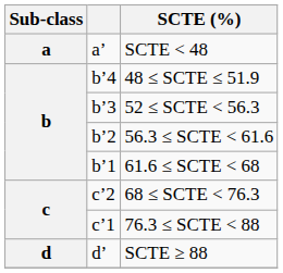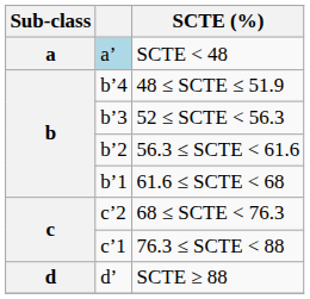 <table class="wikitable floatright">
 <tr>
 <th>Sub-class</th>
 <th></th>
 <th>SCTE (%)</th>
 </tr>
 <tr>
 <th scope="row"  rowspan="1">a</th>
-<td>a’</td>
+<td style="background: lightblue;">a’</td>
 <td>SCTE < 48</td>
 </tr>
 <tr>
 <th scope="row"  rowspan="4">b</th>
 <td>b’4</td>
 <td>48 ≤ SCTE ≤ 51.9</td>
 </tr>
 <tr>
 <td>b’3</td>
 <td>52 ≤ SCTE < 56.3</td>
 </tr>
 <tr>
 <td>b’2</td>
 <td>56.3 ≤ SCTE < 61.6</td>
 </tr>
 <tr>
 <td>b’1</td>
 <td>61.6 ≤ SCTE < 68</td>
 </tr>
 <tr>
 <th scope="row"  rowspan="2">c</th>
 <td>c’2</td>
 <td>68 ≤ SCTE < 76.3</td>
 </tr>
 <tr>
 <td>c’1</td>
 <td>76.3 ≤ SCTE < 88</td>
 </tr>
 <tr>
 <th scope="row"  rowspan="1">d</th>
 <td>d’</td>
 <td>SCTE ≥ 88</td>
 </tr>
 <tr>
 </tr>
 </table>
